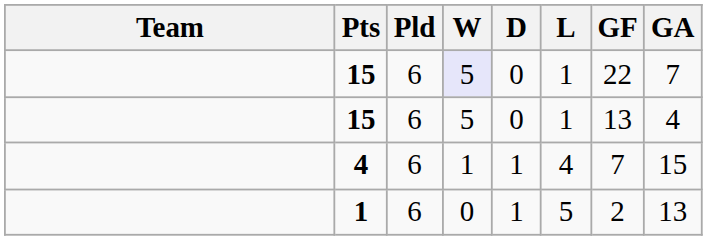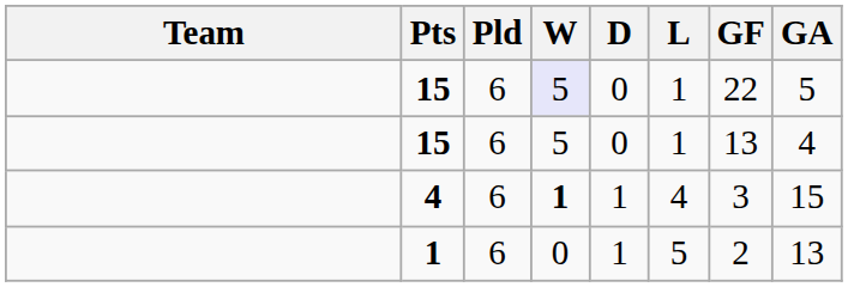 <table class="wikitable" style="text-align: center;">
 <tr>
 <th width=175>Team</th>
 <th width=20 abbr="Points">Pts</th>
 <th width=20 abbr="Played">Pld</th>
 <th width=20 abbr="Won">W</th>
 <th width=20 abbr="Drawn">D</th>
 <th width=20 abbr="Lost">L</th>
 <th width=20 abbr="Goals for">GF</th>
 <th width=20 abbr="Goals against">GA</th>
 </tr>
 <tr align=center>
 <td align=left></td>
 <td><strong>15</strong></td>
 <td>6</td>
 <td style="background: lavender;">5</td>
 <td>0</td>
 <td>1</td>
 <td>22</td>
-<td>7</td>
+<td>5</td>
 </tr>
 <tr align=center>
 <td align=left></td>
 <td><strong>15</strong></td>
 <td>6</td>
 <td>5</td>
 <td>0</td>
 <td>1</td>
 <td>13</td>
 <td>4</td>
 </tr>
 <tr align=center>
 <td align=left></td>
 <td><strong>4</strong></td>
 <td>6</td>
-<td>1</td>
+<td><strong>1</strong></td>
 <td>1</td>
 <td>4</td>
-<td>7</td>
+<td>3</td>
 <td>15</td>
 </tr>
 <tr align=center>
 <td align=left></td>
 <td><strong>1</strong></td>
 <td>6</td>
 <td>0</td>
 <td>1</td>
 <td>5</td>
 <td>2</td>
 <td>13</td>
 </tr>
 </table>
